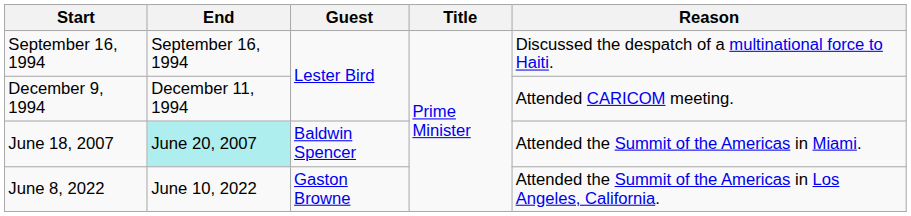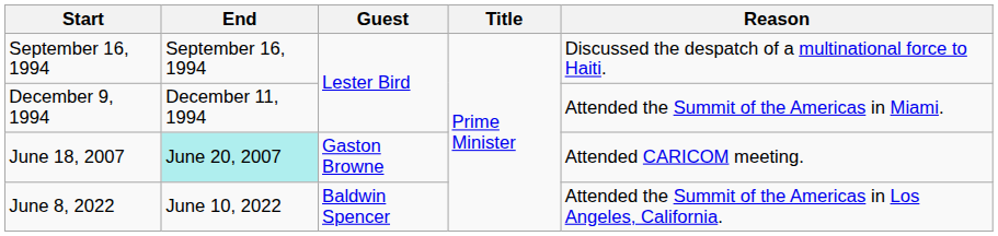 <table class="wikitable sortable">
 <tr>
 <th>Start</th>
 <th>End</th>
 <th>Guest</th>
 <th>Title</th>
 <th>Reason</th>
 </tr>
 <tr>
 <td>September 16, 1994</td>
 <td>September 16, 1994</td>
 <td rowspan=2><a href='#'>Lester Bird</a></td>
 <td rowspan=4><a href='#'>Prime Minister</a></td>
 <td>Discussed the despatch of a <a href='#'>multinational force to Haiti</a>.</td>
 </tr>
 <tr>
 <td>December 9, 1994</td>
 <td>December 11, 1994</td>
-<td>Attended <a href='#'>CARICOM</a> meeting.</td>
+<td>Attended the <a href='#'>Summit of the Americas</a> in <a href='#'>Miami</a>.</td>
 </tr>
 <tr>
 <td>June 18, 2007</td>
 <td style="background: paleturquoise;">June 20, 2007</td>
-<td><a href='#'>Baldwin Spencer</a></td>
-<td>Attended the <a href='#'>Summit of the Americas</a> in <a href='#'>Miami</a>.</td>
+<td><a href='#'>Gaston Browne</a></td>
+<td>Attended <a href='#'>CARICOM</a> meeting.</td>
 </tr>
 <tr>
 <td>June 8, 2022</td>
 <td>June 10, 2022</td>
-<td><a href='#'>Gaston Browne</a></td>
+<td><a href='#'>Baldwin Spencer</a></td>
 <td>Attended the <a href='#'>Summit of the Americas</a> in <a href='#'>Los Angeles, California</a>.</td>
 </tr>
 </table>
